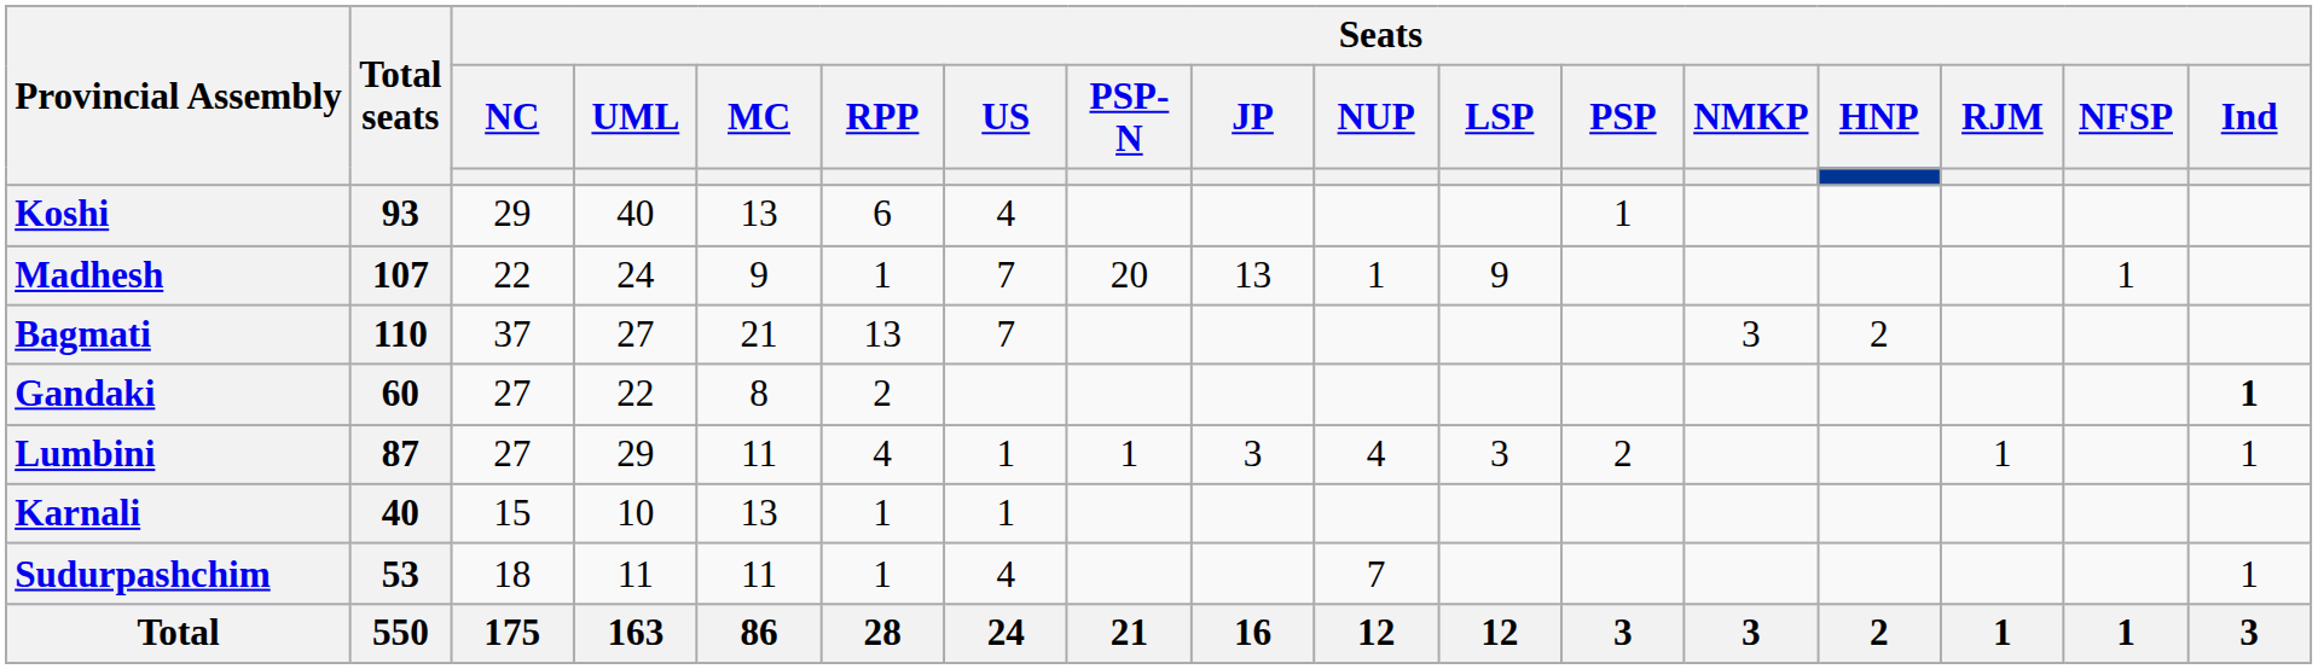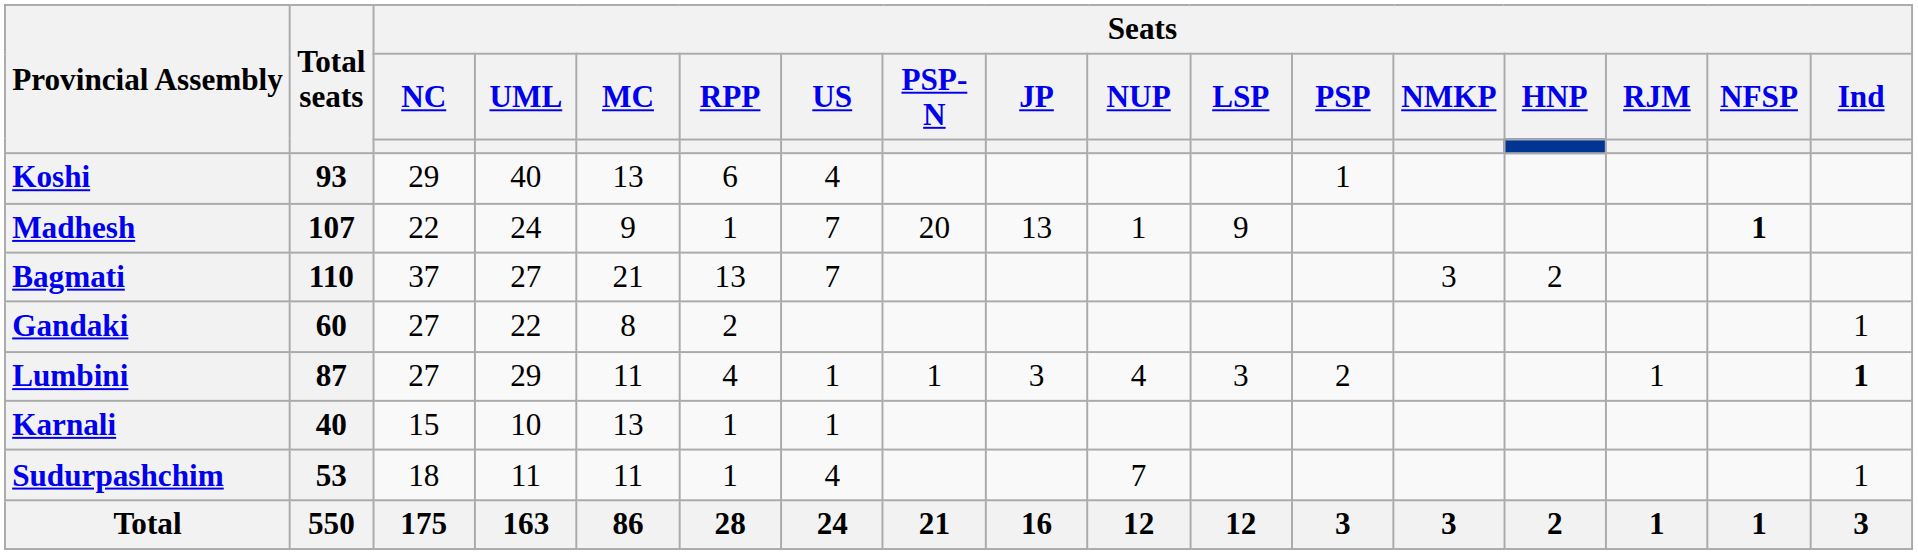 <table class="wikitable" style="text-align:center;">
 <tr>
 <th rowspan="3">Provincial Assembly</th>
 <th rowspan="3">Total<br>seats</th>
 <th colspan="15">Seats</th>
 </tr>
 <tr>
 <th class="unsortable" style="width:45px;"><a href='#'>NC</a></th>
 <th class="unsortable" style="width:45px;"><a href='#'>UML</a></th>
 <th class="unsortable" style="width:45px;"><a href='#'>MC</a></th>
 <th class="unsortable" style="width:45px;"><a href='#'>RPP</a></th>
 <th class="unsortable" style="width:45px;"><a href='#'>US</a></th>
 <th class="unsortable" style="width:45px;"><a href='#'>PSP-N</a></th>
 <th class="unsortable" style="width:45px;"><a href='#'>JP</a></th>
 <th class="unsortable" style="width:45px;"><a href='#'>NUP</a></th>
 <th class="unsortable" style="width:45px;"><a href='#'>LSP</a></th>
 <th class="unsortable" style="width:45px;"><a href='#'>PSP</a></th>
 <th class="unsortable" style="width:45px;"><a href='#'>NMKP</a></th>
 <th class="unsortable" style="width:45px;"><a href='#'>HNP</a></th>
 <th class="unsortable" style="width:45px;"><a href='#'>RJM</a></th>
 <th class="unsortable" style="width:45px;"><a href='#'>NFSP</a></th>
 <th class="unsortable" style="width:45px;"><a href='#'>Ind</a></th>
 </tr>
 <tr>
 <th style="background:"></th>
 <th style="background:"></th>
 <th style="background:"></th>
 <th style="background:"></th>
 <th style="background:"></th>
 <th style="background:"></th>
 <th style="background:"></th>
 <th style="background:"></th>
 <th style="background:"></th>
 <th style="background:"></th>
 <th style="background:"></th>
 <th style="background:#003594;"></th>
 <th style="background:"></th>
 <th style="background:"></th>
 <th style="background:"></th>
 </tr>
 <tr>
 <th style="text-align: left;"><a href='#'>Koshi</a></th>
 <th>93</th>
 <td>29</td>
 <td>40</td>
 <td>13</td>
 <td>6</td>
 <td>4</td>
 <td></td>
 <td></td>
 <td></td>
 <td></td>
 <td>1</td>
 <td></td>
 <td></td>
 <td></td>
 <td></td>
 <td></td>
 </tr>
 <tr>
 <th style="text-align: left;"><a href='#'>Madhesh</a></th>
 <th>107</th>
 <td>22</td>
 <td>24</td>
 <td>9</td>
 <td>1</td>
 <td>7</td>
 <td>20</td>
 <td>13</td>
 <td>1</td>
 <td>9</td>
 <td></td>
 <td></td>
 <td></td>
 <td></td>
-<td>1</td>
+<td><strong>1</strong></td>
 <td></td>
 </tr>
 <tr>
 <th style="text-align: left;"><a href='#'>Bagmati</a></th>
 <th>110</th>
 <td>37</td>
 <td>27</td>
 <td>21</td>
 <td>13</td>
 <td>7</td>
 <td></td>
 <td></td>
 <td></td>
 <td></td>
 <td></td>
 <td>3</td>
 <td>2</td>
 <td></td>
 <td></td>
 <td></td>
 </tr>
 <tr>
 <th style="text-align: left;"><a href='#'>Gandaki</a></th>
 <th>60</th>
 <td>27</td>
 <td>22</td>
 <td>8</td>
 <td>2</td>
 <td></td>
 <td></td>
 <td></td>
 <td></td>
 <td></td>
 <td></td>
 <td></td>
 <td></td>
 <td></td>
 <td></td>
-<td><strong>1</strong></td>
+<td>1</td>
 </tr>
 <tr>
 <th style="text-align: left;"><a href='#'>Lumbini</a></th>
 <th>87</th>
 <td>27</td>
 <td>29</td>
 <td>11</td>
 <td>4</td>
 <td>1</td>
 <td>1</td>
 <td>3</td>
 <td>4</td>
 <td>3</td>
 <td>2</td>
 <td></td>
 <td></td>
 <td>1</td>
 <td></td>
-<td>1</td>
+<td><strong>1</strong></td>
 </tr>
 <tr>
 <th style="text-align: left;"><a href='#'>Karnali</a></th>
 <th>40</th>
 <td>15</td>
 <td>10</td>
 <td>13</td>
 <td>1</td>
 <td>1</td>
 <td></td>
 <td></td>
 <td></td>
 <td></td>
 <td></td>
 <td></td>
 <td></td>
 <td></td>
 <td></td>
 <td></td>
 </tr>
 <tr>
 <th style="text-align: left;"><a href='#'>Sudurpashchim</a></th>
 <th>53</th>
 <td>18</td>
 <td>11</td>
 <td>11</td>
 <td>1</td>
 <td>4</td>
 <td></td>
 <td></td>
 <td>7</td>
 <td></td>
 <td></td>
 <td></td>
 <td></td>
 <td></td>
 <td></td>
 <td>1</td>
 </tr>
 <tr class="sortbottom">
 <th>Total</th>
 <th>550</th>
 <th>175</th>
 <th>163</th>
 <th>86</th>
 <th>28</th>
 <th>24</th>
 <th>21</th>
 <th>16</th>
 <th>12</th>
 <th>12</th>
 <th>3</th>
 <th>3</th>
 <th>2</th>
 <th>1</th>
 <th>1</th>
 <th>3</th>
 </tr>
 </table>
